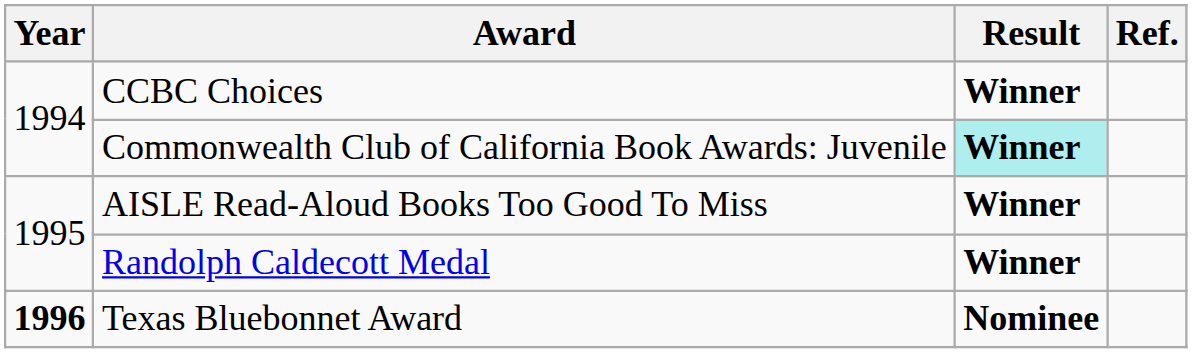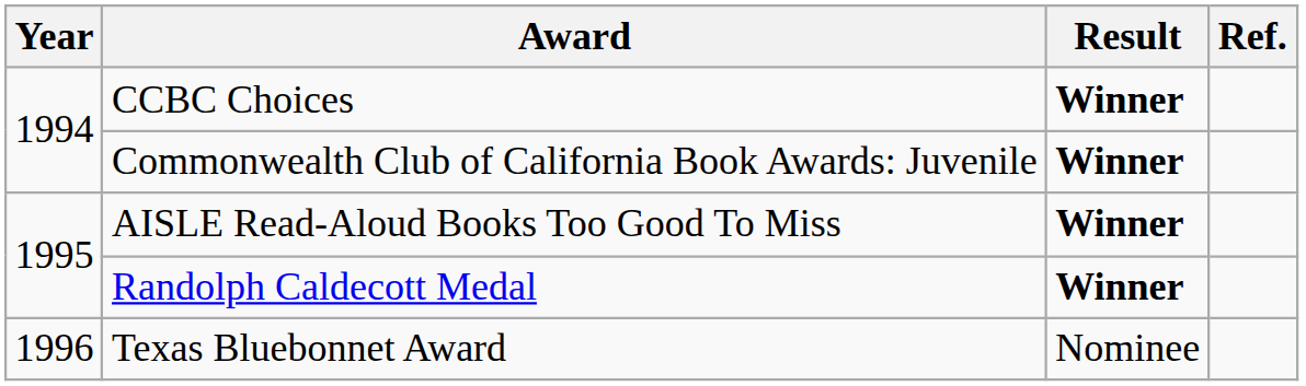 <table class="wikitable">
 <tr>
 <th>Year</th>
 <th>Award</th>
 <th>Result</th>
 <th>Ref.</th>
 </tr>
 <tr>
 <td rowspan="2">1994</td>
 <td>CCBC Choices</td>
 <td><strong>Winner</strong></td>
 <td></td>
 </tr>
 <tr>
 <td>Commonwealth Club of California Book Awards: Juvenile</td>
-<td style="background: paleturquoise;"><strong>Winner</strong></td>
+<td><strong>Winner</strong></td>
 <td></td>
 </tr>
 <tr>
 <td rowspan="2">1995</td>
 <td>AISLE Read-Aloud Books Too Good To Miss</td>
 <td><strong>Winner</strong></td>
 <td></td>
 </tr>
 <tr>
 <td><a href='#'>Randolph Caldecott Medal</a></td>
 <td><strong>Winner</strong></td>
 <td></td>
 </tr>
 <tr>
-<td><strong>1996</strong></td>
+<td>1996</td>
 <td>Texas Bluebonnet Award</td>
-<td><strong>Nominee</strong></td>
+<td>Nominee</td>
 <td></td>
 </tr>
 </table>
